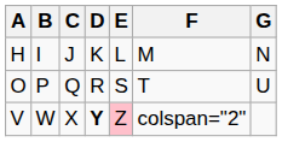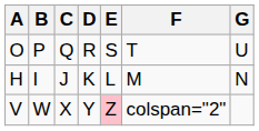 <table class="wikitable" border="1">
 <tr>
 <th>A</th>
 <th>B</th>
 <th>C</th>
 <th>D</th>
 <th>E</th>
 <th>F</th>
 <th>G</th>
 </tr>
 <tr>
+<td>O</td>
+<td>P</td>
+<td>Q</td>
+<td>R</td>
+<td>S</td>
+<td>T</td>
+<td>U</td>
+</tr>
+<tr>
 <td>H</td>
 <td>I</td>
 <td>J</td>
 <td>K</td>
 <td>L</td>
 <td>M</td>
 <td>N</td>
 </tr>
 <tr>
-<td>O</td>
-<td>P</td>
-<td>Q</td>
-<td>R</td>
-<td>S</td>
-<td>T</td>
-<td>U</td>
-</tr>
-<tr>
 <td>V</td>
 <td>W</td>
 <td>X</td>
-<td><strong>Y</strong></td>
+<td>Y</td>
 <td style="background: pink;">Z</td>
 <td>colspan="2" </td>
 </tr>
 </table>
